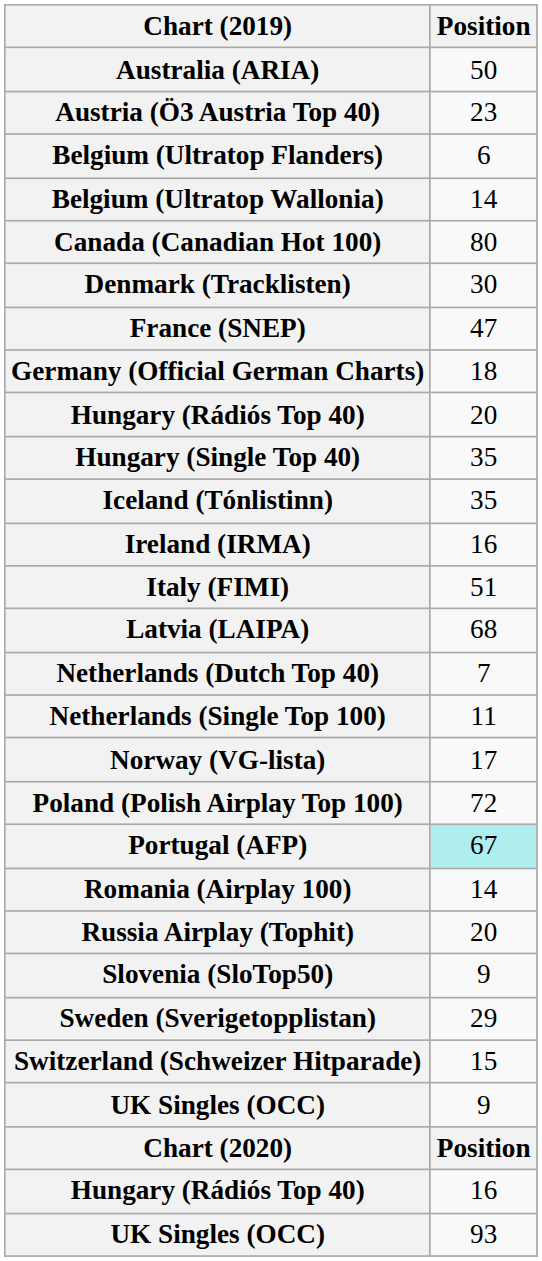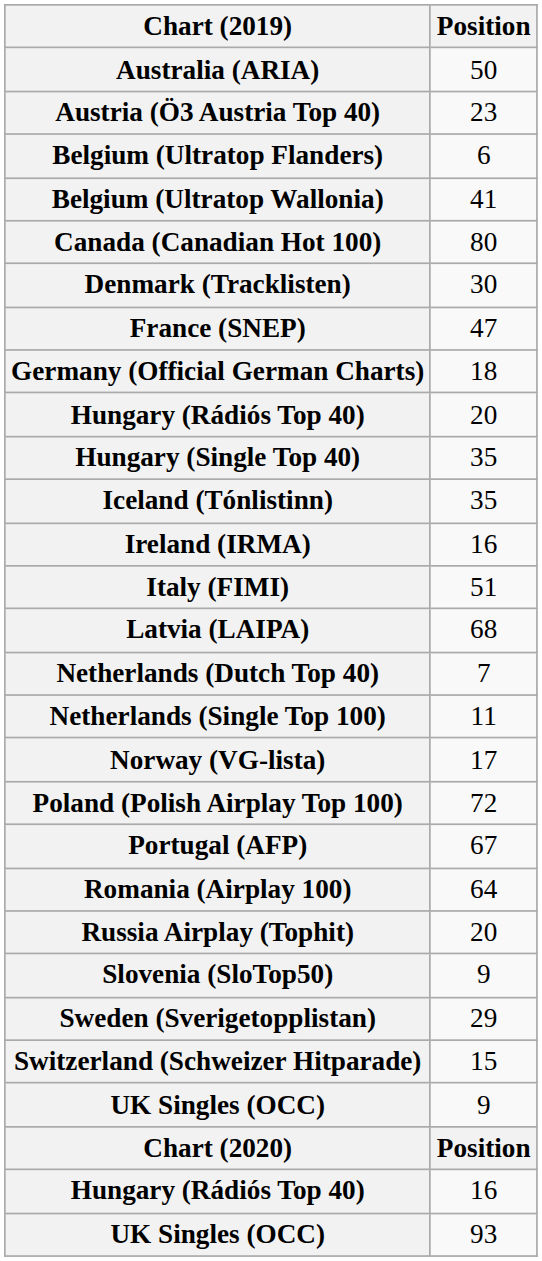 <table class="wikitable sortable plainrowheaders" style="text-align:center">
 <tr>
 <th scope="col">Chart (2019)</th>
 <th scope="col">Position</th>
 </tr>
 <tr>
 <th scope="row">Australia (ARIA)</th>
 <td>50</td>
 </tr>
 <tr>
 <th scope="row">Austria (Ö3 Austria Top 40)</th>
 <td>23</td>
 </tr>
 <tr>
 <th scope="row">Belgium (Ultratop Flanders)</th>
 <td>6</td>
 </tr>
 <tr>
 <th scope="row">Belgium (Ultratop Wallonia)</th>
-<td>14</td>
+<td>41</td>
 </tr>
 <tr>
 <th scope="row">Canada (Canadian Hot 100)</th>
 <td>80</td>
 </tr>
 <tr>
 <th scope="row">Denmark (Tracklisten)</th>
 <td>30</td>
 </tr>
 <tr>
 <th scope="row">France (SNEP)</th>
 <td>47</td>
 </tr>
 <tr>
 <th scope="row">Germany (Official German Charts)</th>
 <td>18</td>
 </tr>
 <tr>
 <th scope="row">Hungary (Rádiós Top 40)</th>
 <td>20</td>
 </tr>
 <tr>
 <th scope="row">Hungary (Single Top 40)</th>
 <td>35</td>
 </tr>
 <tr>
 <th scope="row">Iceland (Tónlistinn)</th>
 <td>35</td>
 </tr>
 <tr>
 <th scope="row">Ireland (IRMA)</th>
 <td>16</td>
 </tr>
 <tr>
 <th scope="row">Italy (FIMI)</th>
 <td>51</td>
 </tr>
 <tr>
 <th scope="row">Latvia (LAIPA)</th>
 <td>68</td>
 </tr>
 <tr>
 <th scope="row">Netherlands (Dutch Top 40)</th>
 <td>7</td>
 </tr>
 <tr>
 <th scope="row">Netherlands (Single Top 100)</th>
 <td>11</td>
 </tr>
 <tr>
 <th scope="row">Norway (VG-lista)</th>
 <td>17</td>
 </tr>
 <tr>
 <th scope="row">Poland (Polish Airplay Top 100)</th>
 <td>72</td>
 </tr>
 <tr>
 <th scope="row">Portugal (AFP)</th>
-<td style="background: paleturquoise;">67</td>
+<td>67</td>
 </tr>
 <tr>
 <th scope="row">Romania (Airplay 100)</th>
-<td>14</td>
+<td>64</td>
 </tr>
 <tr>
 <th scope="row">Russia Airplay (Tophit)</th>
 <td>20</td>
 </tr>
 <tr>
 <th scope="row">Slovenia (SloTop50)</th>
 <td>9</td>
 </tr>
 <tr>
 <th scope="row">Sweden (Sverigetopplistan)</th>
 <td>29</td>
 </tr>
 <tr>
 <th scope="row">Switzerland (Schweizer Hitparade)</th>
 <td>15</td>
 </tr>
 <tr>
 <th scope="row">UK Singles (OCC)</th>
 <td>9</td>
 </tr>
 <tr>
 <th scope="col">Chart (2020)</th>
 <th scope="col">Position</th>
 </tr>
 <tr>
 <th scope="row">Hungary (Rádiós Top 40)</th>
 <td>16</td>
 </tr>
 <tr>
 <th scope="row">UK Singles (OCC)</th>
 <td>93</td>
 </tr>
 </table>
